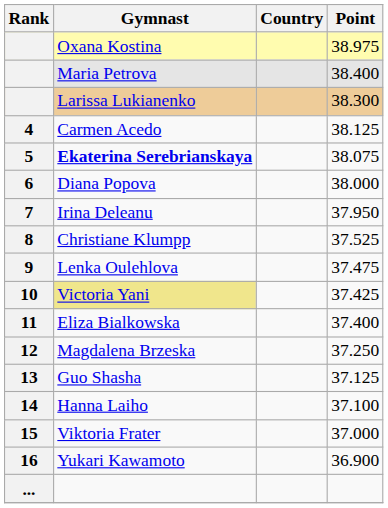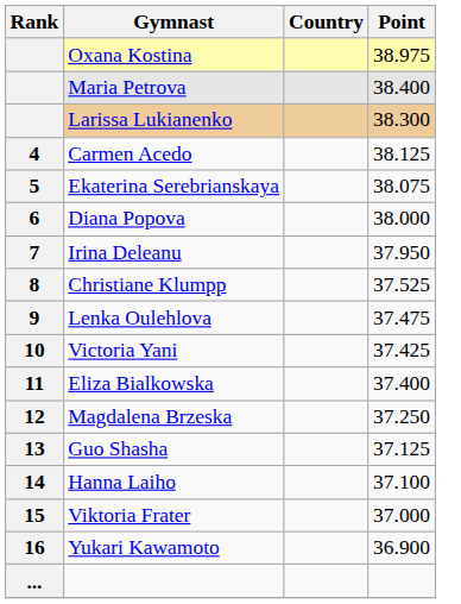 <table class="wikitable sortable">
 <tr>
 <th>Rank</th>
 <th>Gymnast</th>
 <th>Country</th>
 <th>Point</th>
 </tr>
 <tr bgcolor=fffcaf>
 <th></th>
 <td><a href='#'>Oxana Kostina</a></td>
 <td></td>
 <td>38.975</td>
 </tr>
 <tr bgcolor=e5e5e5>
 <th></th>
 <td><a href='#'>Maria Petrova</a></td>
 <td></td>
 <td>38.400</td>
 </tr>
 <tr bgcolor=eecc99>
 <th></th>
 <td><a href='#'>Larissa Lukianenko</a></td>
 <td></td>
 <td>38.300</td>
 </tr>
 <tr>
 <th>4</th>
 <td><a href='#'>Carmen Acedo</a></td>
 <td></td>
 <td>38.125</td>
 </tr>
 <tr>
 <th>5</th>
-<td><strong><a href='#'>Ekaterina Serebrianskaya</a></strong></td>
+<td><a href='#'>Ekaterina Serebrianskaya</a></td>
 <td></td>
 <td>38.075</td>
 </tr>
 <tr>
 <th>6</th>
 <td><a href='#'>Diana Popova</a></td>
 <td></td>
 <td>38.000</td>
 </tr>
 <tr>
 <th>7</th>
 <td><a href='#'>Irina Deleanu</a></td>
 <td></td>
 <td>37.950</td>
 </tr>
 <tr>
 <th>8</th>
 <td><a href='#'>Christiane Klumpp</a></td>
 <td></td>
 <td>37.525</td>
 </tr>
 <tr>
 <th>9</th>
 <td><a href='#'>Lenka Oulehlova</a></td>
 <td></td>
 <td>37.475</td>
 </tr>
 <tr>
 <th>10</th>
-<td style="background: khaki;"><a href='#'>Victoria Yani</a></td>
+<td><a href='#'>Victoria Yani</a></td>
 <td></td>
 <td>37.425</td>
 </tr>
 <tr>
 <th>11</th>
 <td><a href='#'>Eliza Bialkowska</a></td>
 <td></td>
 <td>37.400</td>
 </tr>
 <tr>
 <th>12</th>
 <td><a href='#'>Magdalena Brzeska</a></td>
 <td></td>
 <td>37.250</td>
 </tr>
 <tr>
 <th>13</th>
 <td><a href='#'>Guo Shasha</a></td>
 <td></td>
 <td>37.125</td>
 </tr>
 <tr>
 <th>14</th>
 <td><a href='#'>Hanna Laiho</a></td>
 <td></td>
 <td>37.100</td>
 </tr>
 <tr>
 <th>15</th>
 <td><a href='#'>Viktoria Frater</a></td>
 <td></td>
 <td>37.000</td>
 </tr>
 <tr>
 <th>16</th>
 <td><a href='#'>Yukari Kawamoto</a></td>
 <td></td>
 <td>36.900</td>
 </tr>
 <tr>
 <th>...</th>
 <td></td>
 <td></td>
 <td></td>
 </tr>
 <tr>
 </tr>
 </table>
